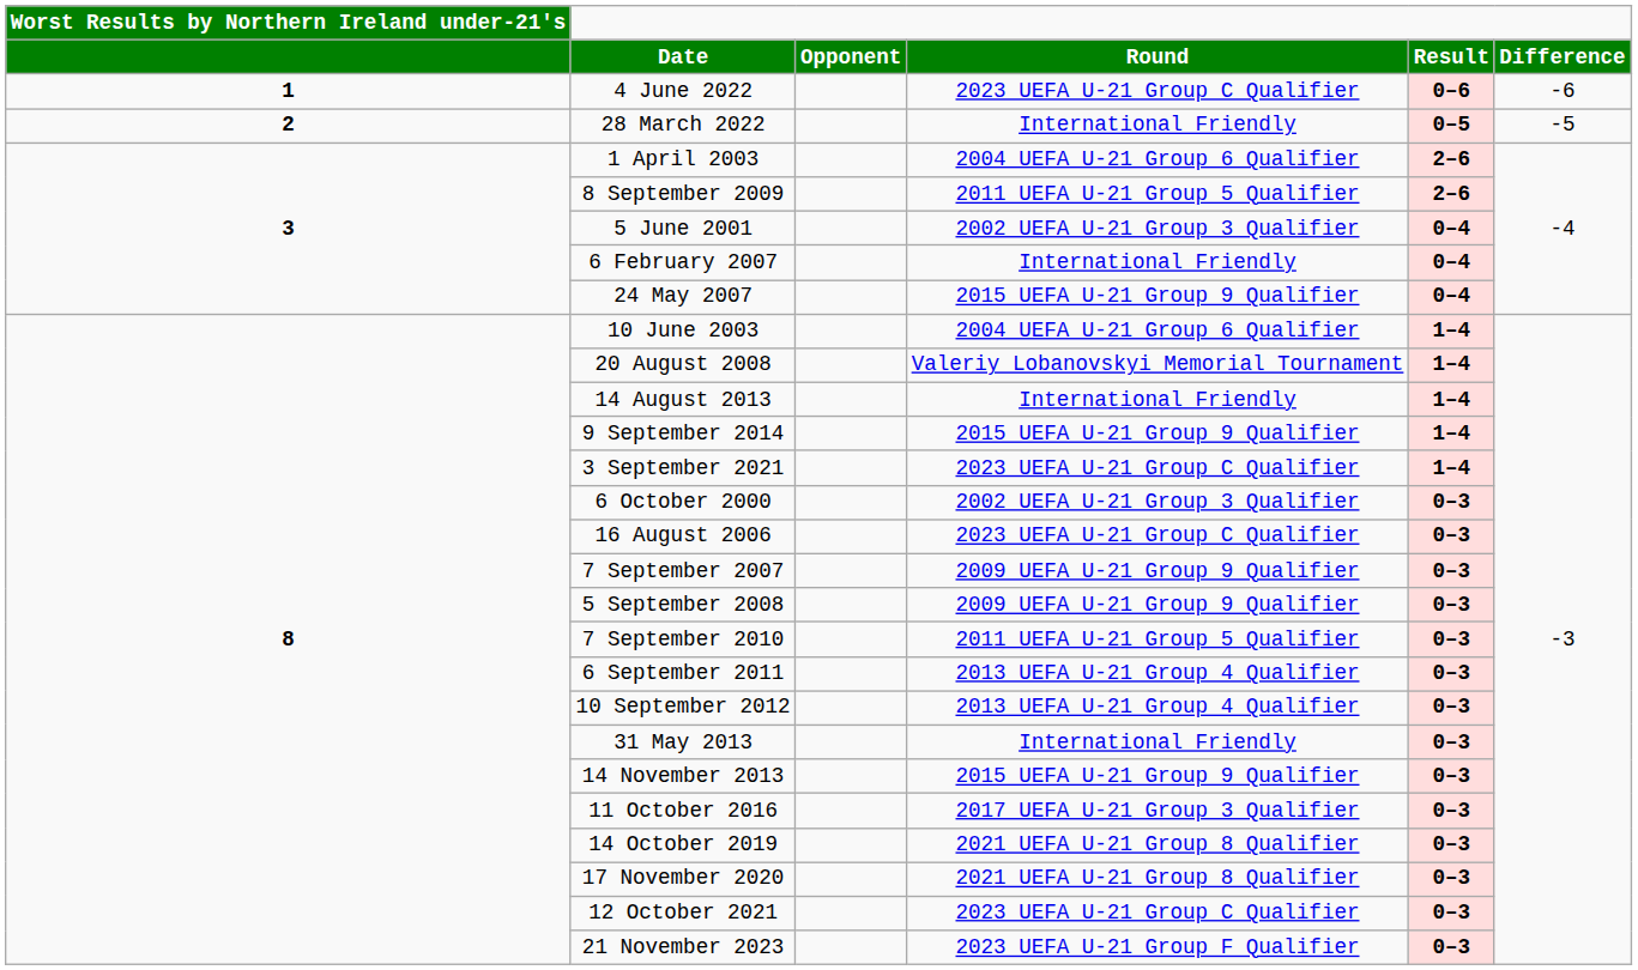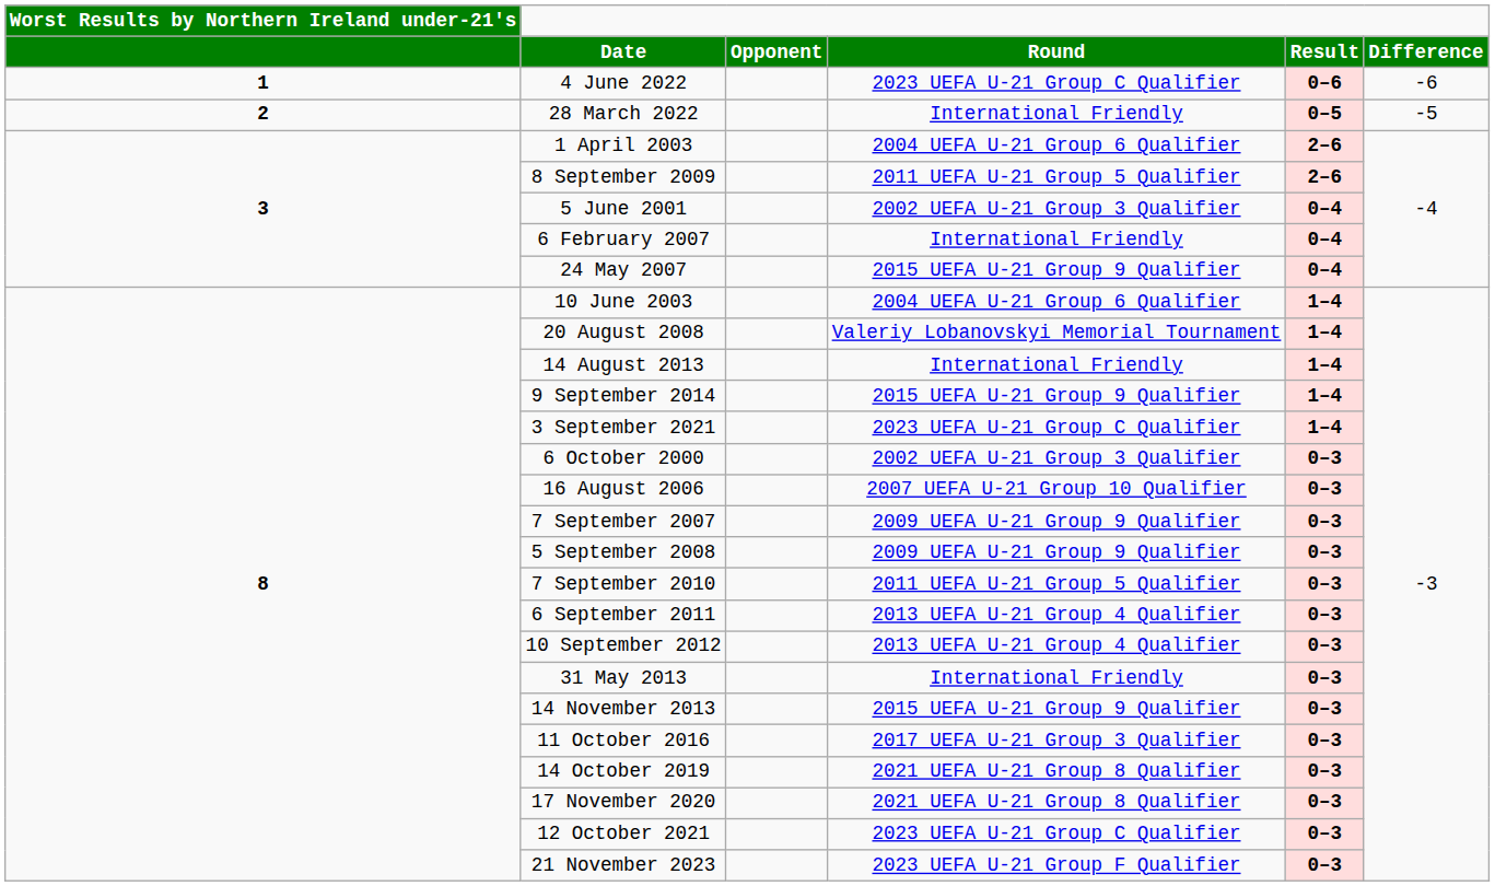 <table class="wikitable" style="text-align:center;">
 <tr>
 <th style="background-color:#008000; color:white; ">Worst Results by Northern Ireland under-21's</th>
 </tr>
 <tr>
 <th style="background-color:#008000; color:white; "></th>
 <th style="background-color:#008000; color:white; ">Date</th>
 <th style="background-color:#008000; color:white; ">Opponent</th>
 <th style="background-color:#008000; color:white; ">Round</th>
 <th style="background-color:#008000; color:white; ">Result</th>
 <th style="background-color:#008000; color:white; ">Difference</th>
 </tr>
 <tr>
 <td><strong>1</strong></td>
 <td>4 June 2022</td>
 <td style="text-align:left;"></td>
 <td> <a href='#'>2023 UEFA U-21 Group C Qualifier</a></td>
 <td style="background:#fdd;"><strong>0–6</strong></td>
 <td rowspan="1">-6</td>
 </tr>
 <tr>
 <td><strong>2</strong></td>
 <td>28 March 2022</td>
 <td style="text-align:left;"></td>
 <td><a href='#'>International Friendly</a></td>
 <td style="background:#fdd;"><strong>0–5</strong></td>
 <td rowspan="1">-5</td>
 </tr>
 <tr>
 <td rowspan="5"><strong>3</strong></td>
 <td>1 April 2003</td>
 <td style="text-align:left;"></td>
 <td> <a href='#'>2004 UEFA U-21 Group 6 Qualifier</a></td>
 <td style="background:#fdd;"><strong>2–6</strong></td>
 <td rowspan="5">-4</td>
 </tr>
 <tr>
 <td>8 September 2009</td>
 <td style="text-align:left;"></td>
 <td> <a href='#'>2011 UEFA U-21 Group 5 Qualifier</a></td>
 <td style="background:#fdd;"><strong>2–6</strong></td>
 </tr>
 <tr>
 <td>5 June 2001</td>
 <td style="text-align:left;"></td>
 <td> <a href='#'>2002 UEFA U-21 Group 3 Qualifier</a></td>
 <td style="background:#fdd;"><strong>0–4</strong></td>
 </tr>
 <tr>
 <td>6 February 2007</td>
 <td style="text-align:left;"></td>
 <td><a href='#'>International Friendly</a></td>
 <td style="background:#fdd;"><strong>0–4</strong></td>
 </tr>
 <tr>
 <td>24 May 2007</td>
 <td style="text-align:left;"></td>
 <td> <a href='#'>2015 UEFA U-21 Group 9 Qualifier</a></td>
 <td style="background:#fdd;"><strong>0–4</strong></td>
 </tr>
 <tr>
 <td rowspan="19"><strong>8</strong></td>
 <td>10 June 2003</td>
 <td style="text-align:left;"></td>
 <td> <a href='#'>2004 UEFA U-21 Group 6 Qualifier</a></td>
 <td style="background:#fdd;"><strong>1–4</strong></td>
 <td rowspan="19">-3</td>
 </tr>
 <tr>
 <td>20 August 2008</td>
 <td style="text-align:left;"></td>
 <td> <a href='#'>Valeriy Lobanovskyi Memorial Tournament</a></td>
 <td style="background:#fdd;"><strong>1–4</strong></td>
 </tr>
 <tr>
 <td>14 August 2013</td>
 <td style="text-align:left;"></td>
 <td><a href='#'>International Friendly</a></td>
 <td style="background:#fdd;"><strong>1–4</strong></td>
 </tr>
 <tr>
 <td>9 September 2014</td>
 <td style="text-align:left;"></td>
 <td> <a href='#'>2015 UEFA U-21 Group 9 Qualifier</a></td>
 <td style="background:#fdd;"><strong>1–4</strong></td>
 </tr>
 <tr>
 <td>3 September 2021</td>
 <td style="text-align:left;"></td>
 <td>  <a href='#'>2023 UEFA U-21 Group C Qualifier</a></td>
 <td style="background:#fdd;"><strong>1–4</strong></td>
 </tr>
 <tr>
 <td>6 October 2000</td>
 <td style="text-align:left;"></td>
 <td> <a href='#'>2002 UEFA U-21 Group 3 Qualifier</a></td>
 <td style="background:#fdd;"><strong>0–3</strong></td>
 </tr>
 <tr>
 <td>16 August 2006</td>
 <td style="text-align:left;"></td>
-<td>  <a href='#'>2023 UEFA U-21 Group C Qualifier</a></td>
+<td> <a href='#'>2007 UEFA U-21 Group 10 Qualifier</a></td>
 <td style="background:#fdd;"><strong>0–3</strong></td>
 </tr>
 <tr>
 <td>7 September 2007</td>
 <td style="text-align:left;"></td>
 <td> <a href='#'>2009 UEFA U-21 Group 9 Qualifier</a></td>
 <td style="background:#fdd;"><strong>0–3</strong></td>
 </tr>
 <tr>
 <td>5 September 2008</td>
 <td style="text-align:left;"></td>
 <td> <a href='#'>2009 UEFA U-21 Group 9 Qualifier</a></td>
 <td style="background:#fdd;"><strong>0–3</strong></td>
 </tr>
 <tr>
 <td>7 September 2010</td>
 <td style="text-align:left;"></td>
 <td> <a href='#'>2011 UEFA U-21 Group 5 Qualifier</a></td>
 <td style="background:#fdd;"><strong>0–3</strong></td>
 </tr>
 <tr>
 <td>6 September 2011</td>
 <td style="text-align:left;"></td>
 <td> <a href='#'>2013 UEFA U-21 Group 4 Qualifier</a></td>
 <td style="background:#fdd;"><strong>0–3</strong></td>
 </tr>
 <tr>
 <td>10 September 2012</td>
 <td style="text-align:left;"></td>
 <td> <a href='#'>2013 UEFA U-21 Group 4 Qualifier</a></td>
 <td style="background:#fdd;"><strong>0–3</strong></td>
 </tr>
 <tr>
 <td>31 May 2013</td>
 <td style="text-align:left;"></td>
 <td><a href='#'>International Friendly</a></td>
 <td style="background:#fdd;"><strong>0–3</strong></td>
 </tr>
 <tr>
 <td>14 November 2013</td>
 <td style="text-align:left;"></td>
 <td> <a href='#'>2015 UEFA U-21 Group 9 Qualifier</a></td>
 <td style="background:#fdd;"><strong>0–3</strong></td>
 </tr>
 <tr>
 <td>11 October 2016</td>
 <td style="text-align:left;"></td>
 <td> <a href='#'>2017 UEFA U-21 Group 3 Qualifier</a></td>
 <td style="background:#fdd;"><strong>0–3</strong></td>
 </tr>
 <tr>
 <td>14 October 2019</td>
 <td style="text-align:left;"></td>
 <td>  <a href='#'>2021 UEFA U-21 Group 8 Qualifier</a></td>
 <td style="background:#fdd;"><strong>0–3</strong></td>
 </tr>
 <tr>
 <td>17 November 2020</td>
 <td style="text-align:left;"></td>
 <td>  <a href='#'>2021 UEFA U-21 Group 8 Qualifier</a></td>
 <td style="background:#fdd;"><strong>0–3</strong></td>
 </tr>
 <tr>
 <td>12 October 2021</td>
 <td style="text-align:left;"></td>
 <td>  <a href='#'>2023 UEFA U-21 Group C Qualifier</a></td>
 <td style="background:#fdd;"><strong>0–3</strong></td>
 </tr>
 <tr>
 <td>21 November 2023</td>
 <td style="text-align:left;"></td>
 <td> <a href='#'>2023 UEFA U-21 Group F Qualifier</a></td>
 <td style="background:#fdd;"><strong>0–3</strong></td>
 </tr>
 </table>
